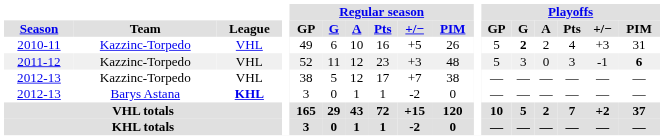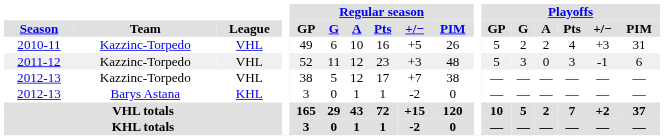 <table border="0" cellpadding="1" cellspacing="0" ID="Table3" style="text-align:center; width:50em">
 <tr bgcolor="#e0e0e0">
 <th colspan="3" bgcolor="#ffffff"> </th>
 <th rowspan="99" bgcolor="#ffffff"> </th>
 <th colspan="6"><a href='#'>Regular season</a></th>
 <th rowspan="99" bgcolor="#ffffff"> </th>
 <th colspan="6"><a href='#'>Playoffs</a></th>
 </tr>
 <tr bgcolor="#e0e0e0">
 <th><a href='#'>Season</a></th>
 <th>Team</th>
 <th>League</th>
 <th>GP</th>
 <th><a href='#'>G</a></th>
 <th><a href='#'>A</a></th>
 <th><a href='#'>Pts</a></th>
 <th><a href='#'>+/−</a></th>
 <th><a href='#'>PIM</a></th>
 <th>GP</th>
 <th>G</th>
 <th>A</th>
 <th>Pts</th>
 <th>+/−</th>
 <th>PIM</th>
 </tr>
 <tr>
 <td><a href='#'>2010-11</a></td>
 <td><a href='#'>Kazzinc-Torpedo</a></td>
 <td><a href='#'>VHL</a></td>
 <td>49</td>
 <td>6</td>
 <td>10</td>
 <td>16</td>
 <td>+5</td>
 <td>26</td>
 <td>5</td>
-<td><strong>2</strong></td>
+<td>2</td>
 <td>2</td>
 <td>4</td>
 <td>+3</td>
 <td>31</td>
 </tr>
 <tr bgcolor="#f0f0f0">
 <td><a href='#'>2011-12</a></td>
 <td>Kazzinc-Torpedo</td>
 <td>VHL</td>
 <td>52</td>
 <td>11</td>
 <td>12</td>
 <td>23</td>
 <td>+3</td>
 <td>48</td>
 <td>5</td>
 <td>3</td>
 <td>0</td>
 <td>3</td>
 <td>-1</td>
-<td><strong>6</strong></td>
+<td>6</td>
 </tr>
 <tr>
 <td><a href='#'>2012-13</a></td>
 <td>Kazzinc-Torpedo</td>
 <td>VHL</td>
 <td>38</td>
 <td>5</td>
 <td>12</td>
 <td>17</td>
 <td>+7</td>
 <td>38</td>
 <td>—</td>
 <td>—</td>
 <td>—</td>
 <td>—</td>
 <td>—</td>
 <td>—</td>
 </tr>
 <tr>
 <td><a href='#'>2012-13</a></td>
 <td><a href='#'>Barys Astana</a></td>
-<td><strong><a href='#'>KHL</a></strong></td>
+<td><a href='#'>KHL</a></td>
 <td>3</td>
 <td>0</td>
 <td>1</td>
 <td>1</td>
 <td>-2</td>
 <td>0</td>
 <td>—</td>
 <td>—</td>
 <td>—</td>
 <td>—</td>
 <td>—</td>
 <td>—</td>
 </tr>
 <tr style="background:#e0e0e0;">
 <th colspan="3">VHL totals</th>
 <th>165</th>
 <th>29</th>
 <th>43</th>
 <th>72</th>
 <th>+15</th>
 <th>120</th>
 <th>10</th>
 <th>5</th>
 <th>2</th>
 <th>7</th>
 <th>+2</th>
 <th>37</th>
 </tr>
 <tr style="background:#e0e0e0;">
 <th colspan="3">KHL totals</th>
 <th>3</th>
 <th>0</th>
 <th>1</th>
 <th>1</th>
 <th>-2</th>
 <th>0</th>
 <th>—</th>
 <th>—</th>
 <th>—</th>
 <th>—</th>
 <th>—</th>
 <th>—</th>
 </tr>
 </table>
